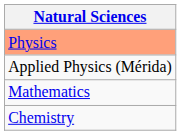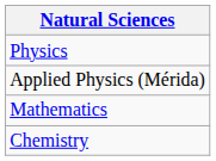 <table class="wikitable">
 <tr>
 <th><a href='#'>Natural Sciences</a></th>
 </tr>
 <tr>
-<td style="background: lightsalmon;"><a href='#'>Physics</a></td>
+<td><a href='#'>Physics</a></td>
 </tr>
 <tr>
 <td>Applied Physics (Mérida)</td>
 </tr>
 <tr>
 <td><a href='#'>Mathematics</a></td>
 </tr>
 <tr>
 <td><a href='#'>Chemistry</a></td>
 </tr>
 </table>
